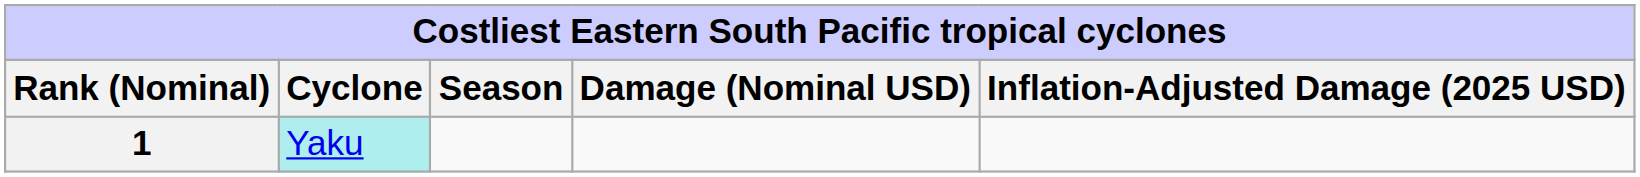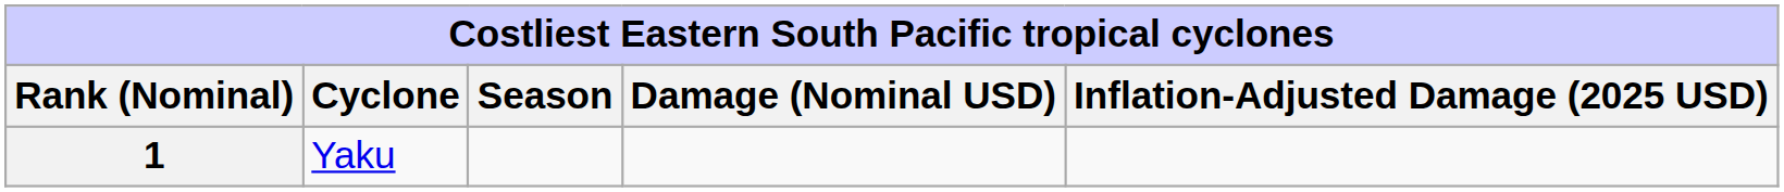 <table class="wikitable sortable">
 <tr>
 <th colspan="5" style="background:#ccf;">Costliest Eastern South Pacific tropical cyclones</th>
 </tr>
 <tr>
 <th>Rank (Nominal)</th>
 <th>Cyclone</th>
 <th>Season</th>
 <th>Damage (Nominal USD)</th>
 <th>Inflation-Adjusted Damage (2025 USD)</th>
 </tr>
 <tr>
 <th>1</th>
-<td style="background: paleturquoise;"><a href='#'>Yaku</a></td>
+<td><a href='#'>Yaku</a></td>
 <td></td>
 <td></td>
 <td></td>
 </tr>
 </table>
